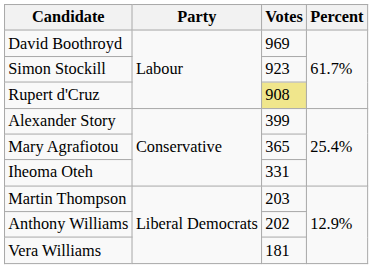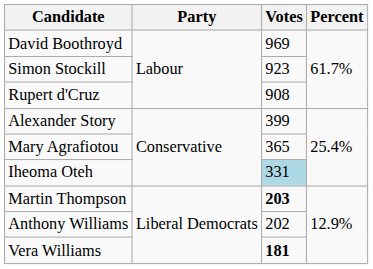 <table class="wikitable">
 <tr>
 <th>Candidate</th>
 <th>Party</th>
 <th>Votes</th>
 <th>Percent</th>
 </tr>
 <tr>
 <td>David Boothroyd</td>
 <td rowspan="3">Labour</td>
 <td>969</td>
 <td rowspan="3">61.7%</td>
 </tr>
 <tr>
 <td>Simon Stockill</td>
 <td>923</td>
 </tr>
 <tr>
 <td>Rupert d'Cruz</td>
-<td style="background: khaki;">908</td>
+<td>908</td>
 </tr>
 <tr>
 <td>Alexander Story</td>
 <td rowspan="3">Conservative</td>
 <td>399</td>
 <td rowspan="3">25.4%</td>
 </tr>
 <tr>
 <td>Mary Agrafiotou</td>
 <td>365</td>
 </tr>
 <tr>
 <td>Iheoma Oteh</td>
-<td>331</td>
+<td style="background: lightblue;">331</td>
 </tr>
 <tr>
 <td>Martin Thompson</td>
 <td rowspan="3">Liberal Democrats</td>
-<td>203</td>
+<td><strong>203</strong></td>
 <td rowspan="3">12.9%</td>
 </tr>
 <tr>
 <td>Anthony Williams</td>
 <td>202</td>
 </tr>
 <tr>
 <td>Vera Williams</td>
-<td>181</td>
+<td><strong>181</strong></td>
 </tr>
 </table>
